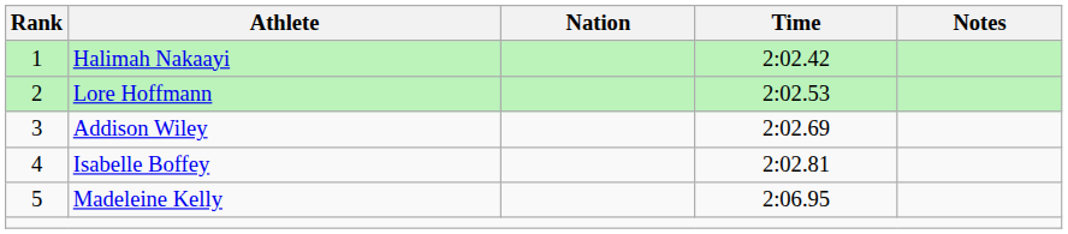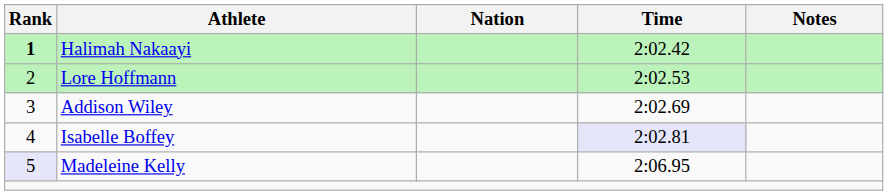 <table class="wikitable sortable" style="text-align:center;width: 60%;">
 <tr>
 <th scope="col" style="width: 10px;">Rank</th>
 <th scope="col">Athlete</th>
 <th scope="col">Nation</th>
 <th scope="col">Time</th>
 <th scope="col">Notes</th>
 </tr>
 <tr bgcolor=bbf3bb>
-<td>1</td>
+<td><strong>1</strong></td>
 <td align=left><a href='#'>Halimah Nakaayi</a></td>
 <td align=left></td>
 <td>2:02.42</td>
 <td></td>
 </tr>
 <tr bgcolor=bbf3bb>
 <td>2</td>
 <td align=left><a href='#'>Lore Hoffmann</a></td>
 <td align=left></td>
 <td>2:02.53</td>
 <td></td>
 </tr>
 <tr>
 <td>3</td>
 <td align=left><a href='#'>Addison Wiley</a></td>
 <td align=left></td>
 <td>2:02.69</td>
 <td></td>
 </tr>
 <tr>
 <td>4</td>
 <td align=left><a href='#'>Isabelle Boffey</a></td>
 <td align=left></td>
-<td>2:02.81</td>
+<td style="background: lavender;">2:02.81</td>
 <td></td>
 </tr>
 <tr>
-<td>5</td>
+<td style="background: lavender;">5</td>
 <td align=left><a href='#'>Madeleine Kelly</a></td>
 <td align=left></td>
 <td>2:06.95</td>
 <td></td>
 </tr>
 <tr class="sortbottom">
 <td colspan="5"></td>
 </tr>
 </table>
